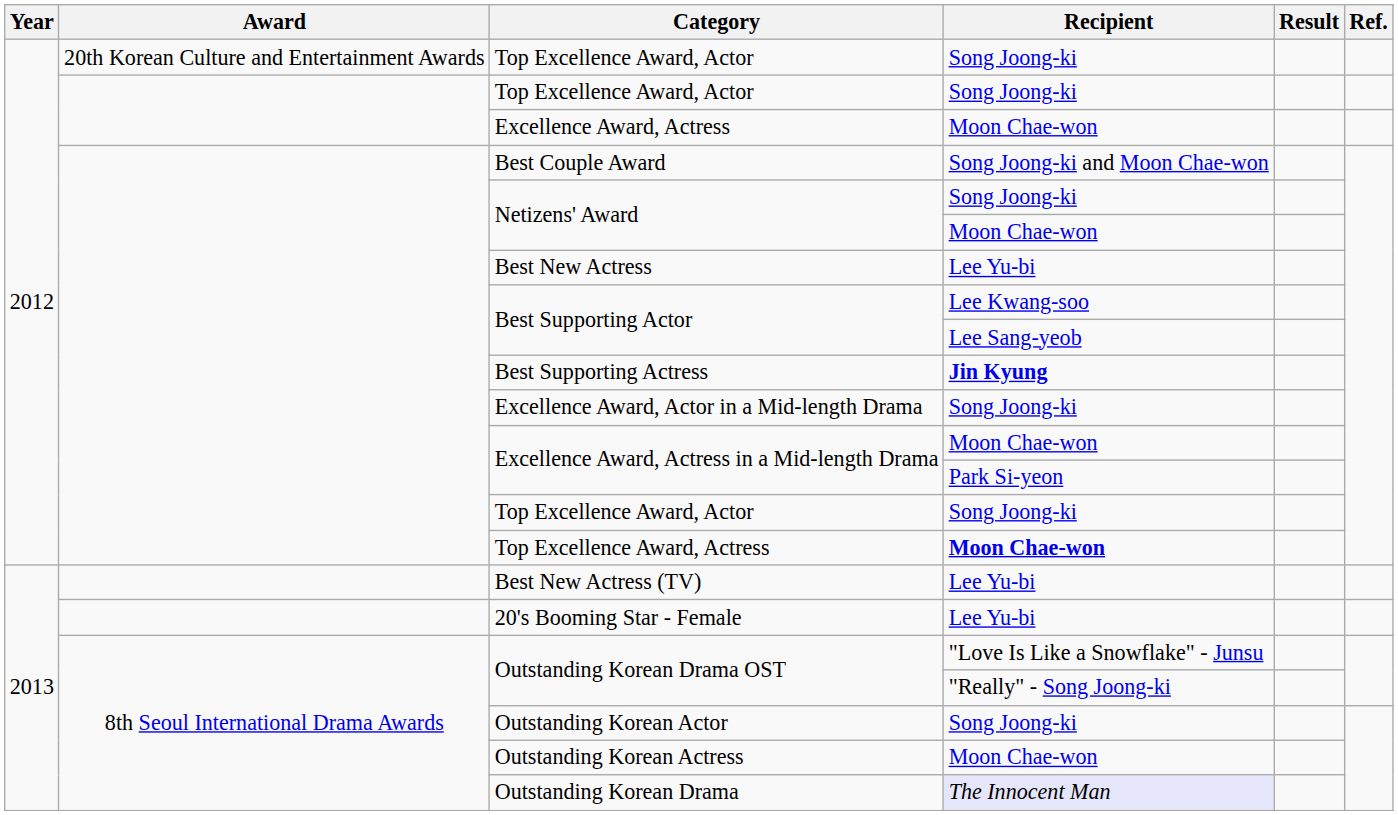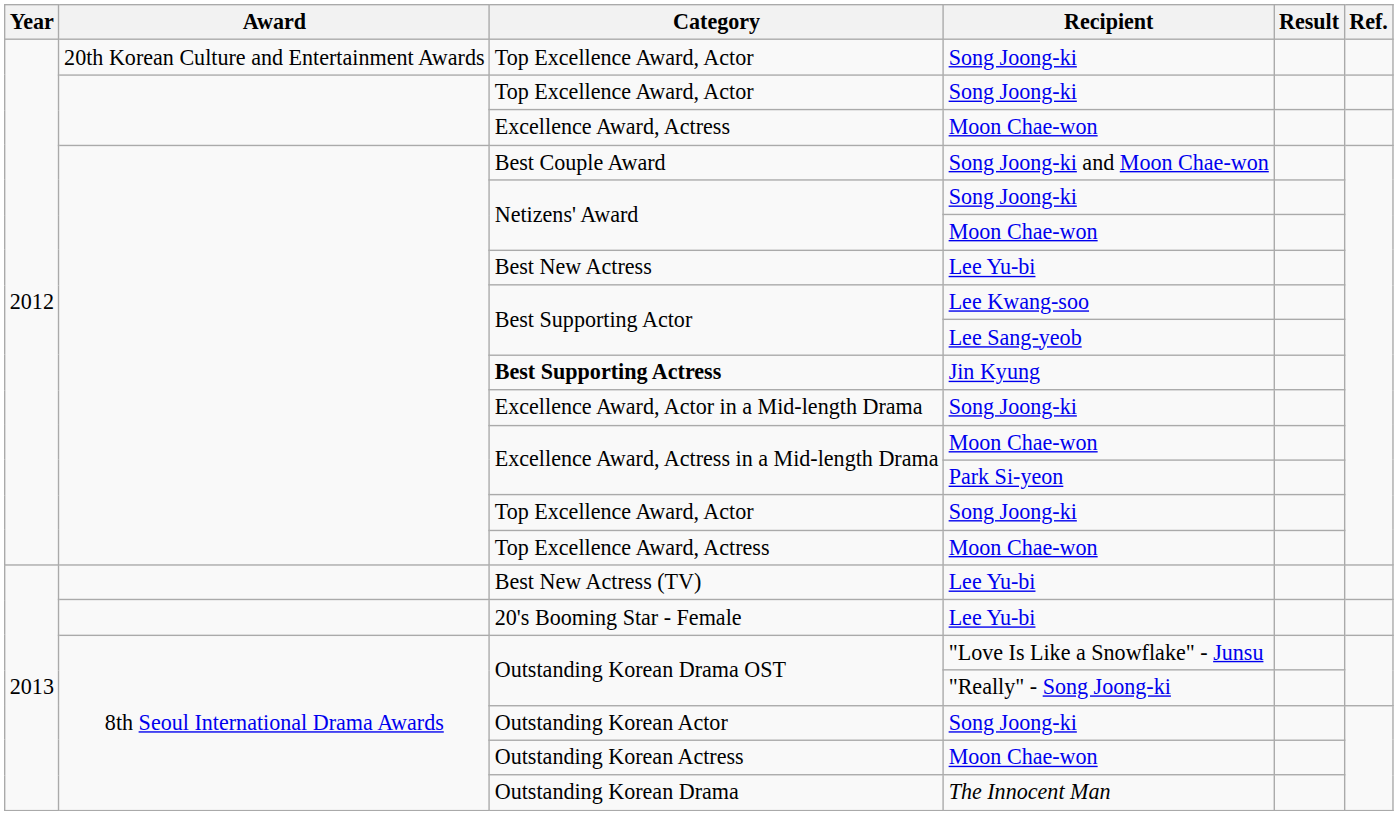 <table class="wikitable">
 <tr>
 <th>Year</th>
 <th>Award</th>
 <th>Category</th>
 <th>Recipient</th>
 <th>Result</th>
 <th>Ref.</th>
 </tr>
 <tr>
 <td rowspan=15>2012</td>
 <td>20th Korean Culture and Entertainment Awards</td>
 <td>Top Excellence Award, Actor</td>
 <td><a href='#'>Song Joong-ki</a></td>
 <td></td>
 <td align=center></td>
 </tr>
 <tr>
 <td rowspan=2></td>
 <td>Top Excellence Award, Actor</td>
 <td><a href='#'>Song Joong-ki</a></td>
 <td></td>
 <td align=center></td>
 </tr>
 <tr>
 <td>Excellence Award, Actress</td>
 <td><a href='#'>Moon Chae-won</a></td>
 <td></td>
 <td></td>
 </tr>
 <tr>
 <td rowspan=12></td>
 <td>Best Couple Award</td>
 <td><a href='#'>Song Joong-ki</a> and <a href='#'>Moon Chae-won</a></td>
 <td></td>
 <td rowspan=12 align=center></td>
 </tr>
 <tr>
 <td rowspan=2>Netizens' Award</td>
 <td><a href='#'>Song Joong-ki</a></td>
 <td></td>
 </tr>
 <tr>
 <td><a href='#'>Moon Chae-won</a></td>
 <td></td>
 </tr>
 <tr>
 <td>Best New Actress</td>
 <td><a href='#'>Lee Yu-bi</a></td>
 <td></td>
 </tr>
 <tr>
 <td rowspan=2>Best Supporting Actor</td>
 <td><a href='#'>Lee Kwang-soo</a></td>
 <td></td>
 </tr>
 <tr>
 <td><a href='#'>Lee Sang-yeob</a></td>
 <td></td>
 </tr>
 <tr>
-<td>Best Supporting Actress</td>
-<td><strong><a href='#'>Jin Kyung</a></strong></td>
+<td><strong>Best Supporting Actress</strong></td>
+<td><a href='#'>Jin Kyung</a></td>
 <td></td>
 </tr>
 <tr>
 <td>Excellence Award, Actor in a Mid-length Drama</td>
 <td><a href='#'>Song Joong-ki</a></td>
 <td></td>
 </tr>
 <tr>
 <td rowspan=2>Excellence Award, Actress in a Mid-length Drama</td>
 <td><a href='#'>Moon Chae-won</a></td>
 <td></td>
 </tr>
 <tr>
 <td><a href='#'>Park Si-yeon</a></td>
 <td></td>
 </tr>
 <tr>
 <td>Top Excellence Award, Actor</td>
 <td><a href='#'>Song Joong-ki</a></td>
 <td></td>
 </tr>
 <tr>
 <td>Top Excellence Award, Actress</td>
-<td><strong><a href='#'>Moon Chae-won</a></strong></td>
+<td><a href='#'>Moon Chae-won</a></td>
 <td></td>
 </tr>
 <tr>
 <td rowspan=7>2013</td>
 <td></td>
 <td>Best New Actress (TV)</td>
 <td><a href='#'>Lee Yu-bi</a></td>
 <td></td>
 <td align=center></td>
 </tr>
 <tr>
 <td></td>
 <td>20's Booming Star - Female</td>
 <td><a href='#'>Lee Yu-bi</a></td>
 <td></td>
 <td></td>
 </tr>
 <tr>
 <td rowspan=5 style="text-align:center;">8th <a href='#'>Seoul International Drama Awards</a></td>
 <td rowspan=2>Outstanding Korean Drama OST</td>
 <td>"Love Is Like a Snowflake" - <a href='#'>Junsu</a></td>
 <td></td>
 <td rowspan=2></td>
 </tr>
 <tr>
 <td>"Really" - <a href='#'>Song Joong-ki</a></td>
 <td></td>
 </tr>
 <tr>
 <td>Outstanding Korean Actor</td>
 <td><a href='#'>Song Joong-ki</a></td>
 <td></td>
 <td rowspan=3></td>
 </tr>
 <tr>
 <td>Outstanding Korean Actress</td>
 <td><a href='#'>Moon Chae-won</a></td>
 <td></td>
 </tr>
 <tr>
 <td>Outstanding Korean Drama</td>
-<td style="background: lavender;"><em>The Innocent Man</em></td>
+<td><em>The Innocent Man</em></td>
 <td></td>
 </tr>
 </table>
